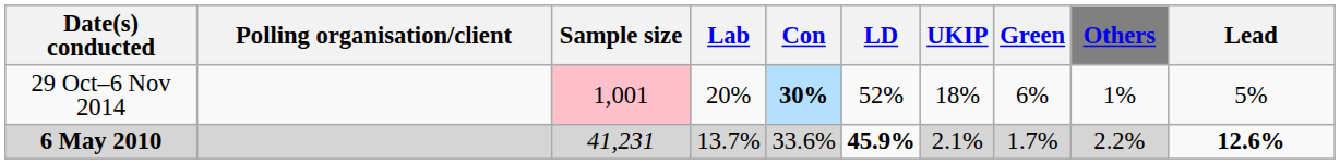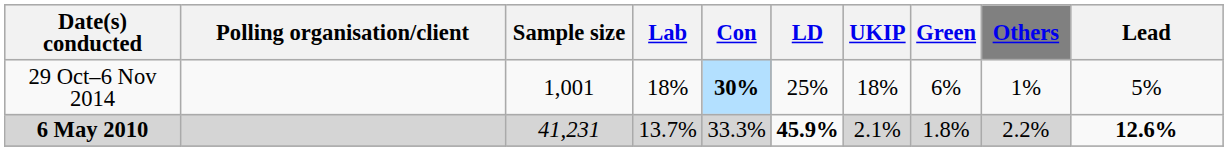 <table class="wikitable sortable" style="text-align:center;font-size:90%;line-height:14px">
 <tr>
 <th ! style="width:105px;">Date(s)<br>conducted</th>
 <th style="width:200px;">Polling organisation/client</th>
 <th class="unsortable" style="width:75px;">Sample size</th>
 <th class="unsortable" style="background:"><a href='#'><span>Lab</span></a></th>
 <th class="unsortable" style="background:"><a href='#'><span>Con</span></a></th>
 <th class="unsortable" style="background:"><a href='#'><span>LD</span></a></th>
 <th class="unsortable" style="background:"><a href='#'><span>UKIP</span></a></th>
 <th class="unsortable" style="background:"><a href='#'><span>Green</span></a></th>
 <th class="unsortable" style="background:gray; width:50px;"><a href='#'><span>Others</span></a></th>
 <th class="unsortable" style="width:90px;">Lead</th>
 </tr>
 <tr>
 <td>29 Oct–6 Nov 2014</td>
 <td></td>
-<td style="background: pink;">1,001</td>
-<td>20%</td>
+<td>1,001</td>
+<td>18%</td>
 <td style="background:#B3E0FF"><strong>30%</strong></td>
-<td>52%</td>
+<td>25%</td>
 <td>18%</td>
 <td>6%</td>
 <td>1%</td>
 <td style="background:">5%</td>
 </tr>
 <tr>
 <td style="background:#D5D5D5"><strong>6 May 2010</strong></td>
 <td style="background:#D5D5D5"></td>
 <td style="background:#D5D5D5"><em>41,231</em></td>
 <td style="background:#D5D5D5">13.7%</td>
-<td style="background:#D5D5D5">33.6%</td>
+<td style="background:#D5D5D5">33.3%</td>
 <td style="background:"><strong>45.9%</strong></td>
 <td style="background:#D5D5D5">2.1%</td>
-<td style="background:#D5D5D5">1.7%</td>
+<td style="background:#D5D5D5">1.8%</td>
 <td style="background:#D5D5D5">2.2%</td>
 <td style="background:"><strong>12.6% </strong></td>
 </tr>
 </table>
